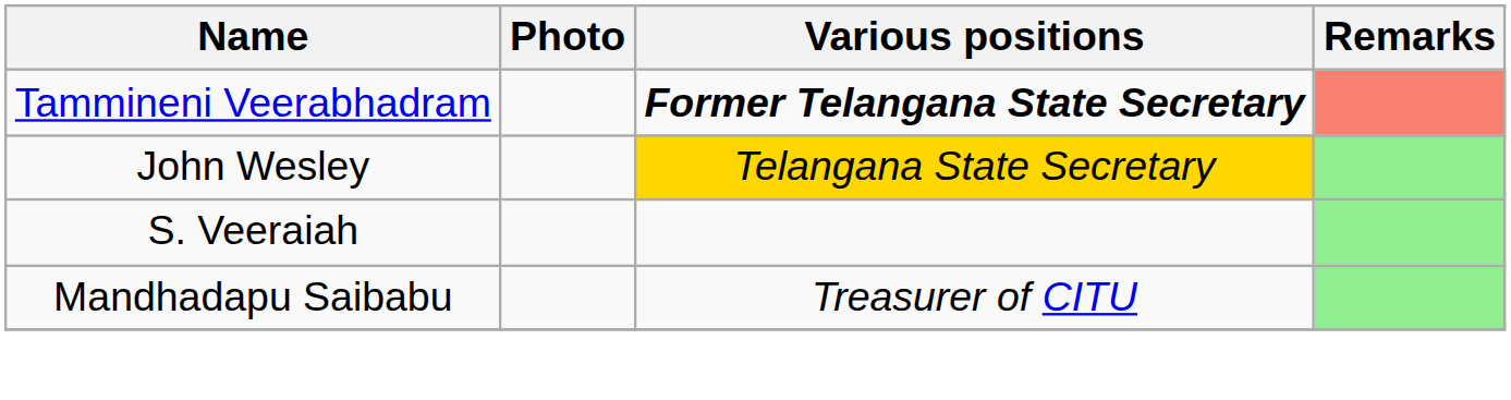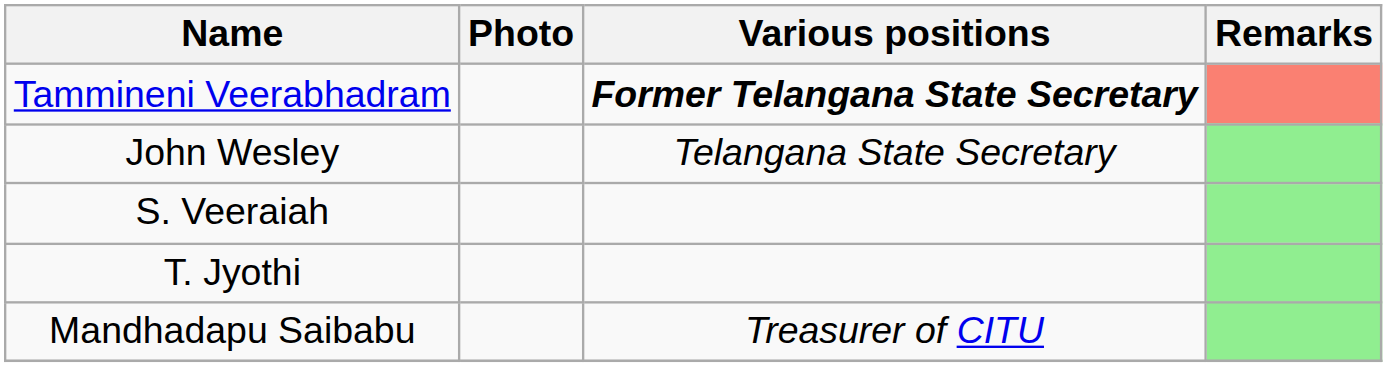 <table class="wikitable sortable" style="text-align:center">
 <tr>
 <th Style="background-color:">Name</th>
 <th Style="background-color:">Photo</th>
 <th Style="background-color:">Various positions</th>
 <th Style="background-color:">Remarks</th>
 </tr>
 <tr>
 <td><a href='#'>Tammineni Veerabhadram</a></td>
 <td></td>
 <td><strong><em>Former Telangana State Secretary</em></strong></td>
 <td bgcolor = Salmon></td>
 </tr>
 <tr>
 <td>John Wesley</td>
 <td></td>
-<td style="background: gold;"><em>Telangana State Secretary</em></td>
+<td><em>Telangana State Secretary</em></td>
 <td bgcolor = LightGreen></td>
 </tr>
 <tr>
 <td>S. Veeraiah</td>
+<td></td>
+<td></td>
+<td bgcolor = LightGreen></td>
+</tr>
+<tr>
+<td>T. Jyothi</td>
 <td></td>
 <td></td>
 <td bgcolor = LightGreen></td>
 </tr>
 <tr>
 <td>Mandhadapu Saibabu</td>
 <td></td>
 <td><em>Treasurer of <a href='#'>CITU</a></em></td>
 <td bgcolor = LightGreen></td>
 </tr>
 <tr>
 </tr>
 </table>
